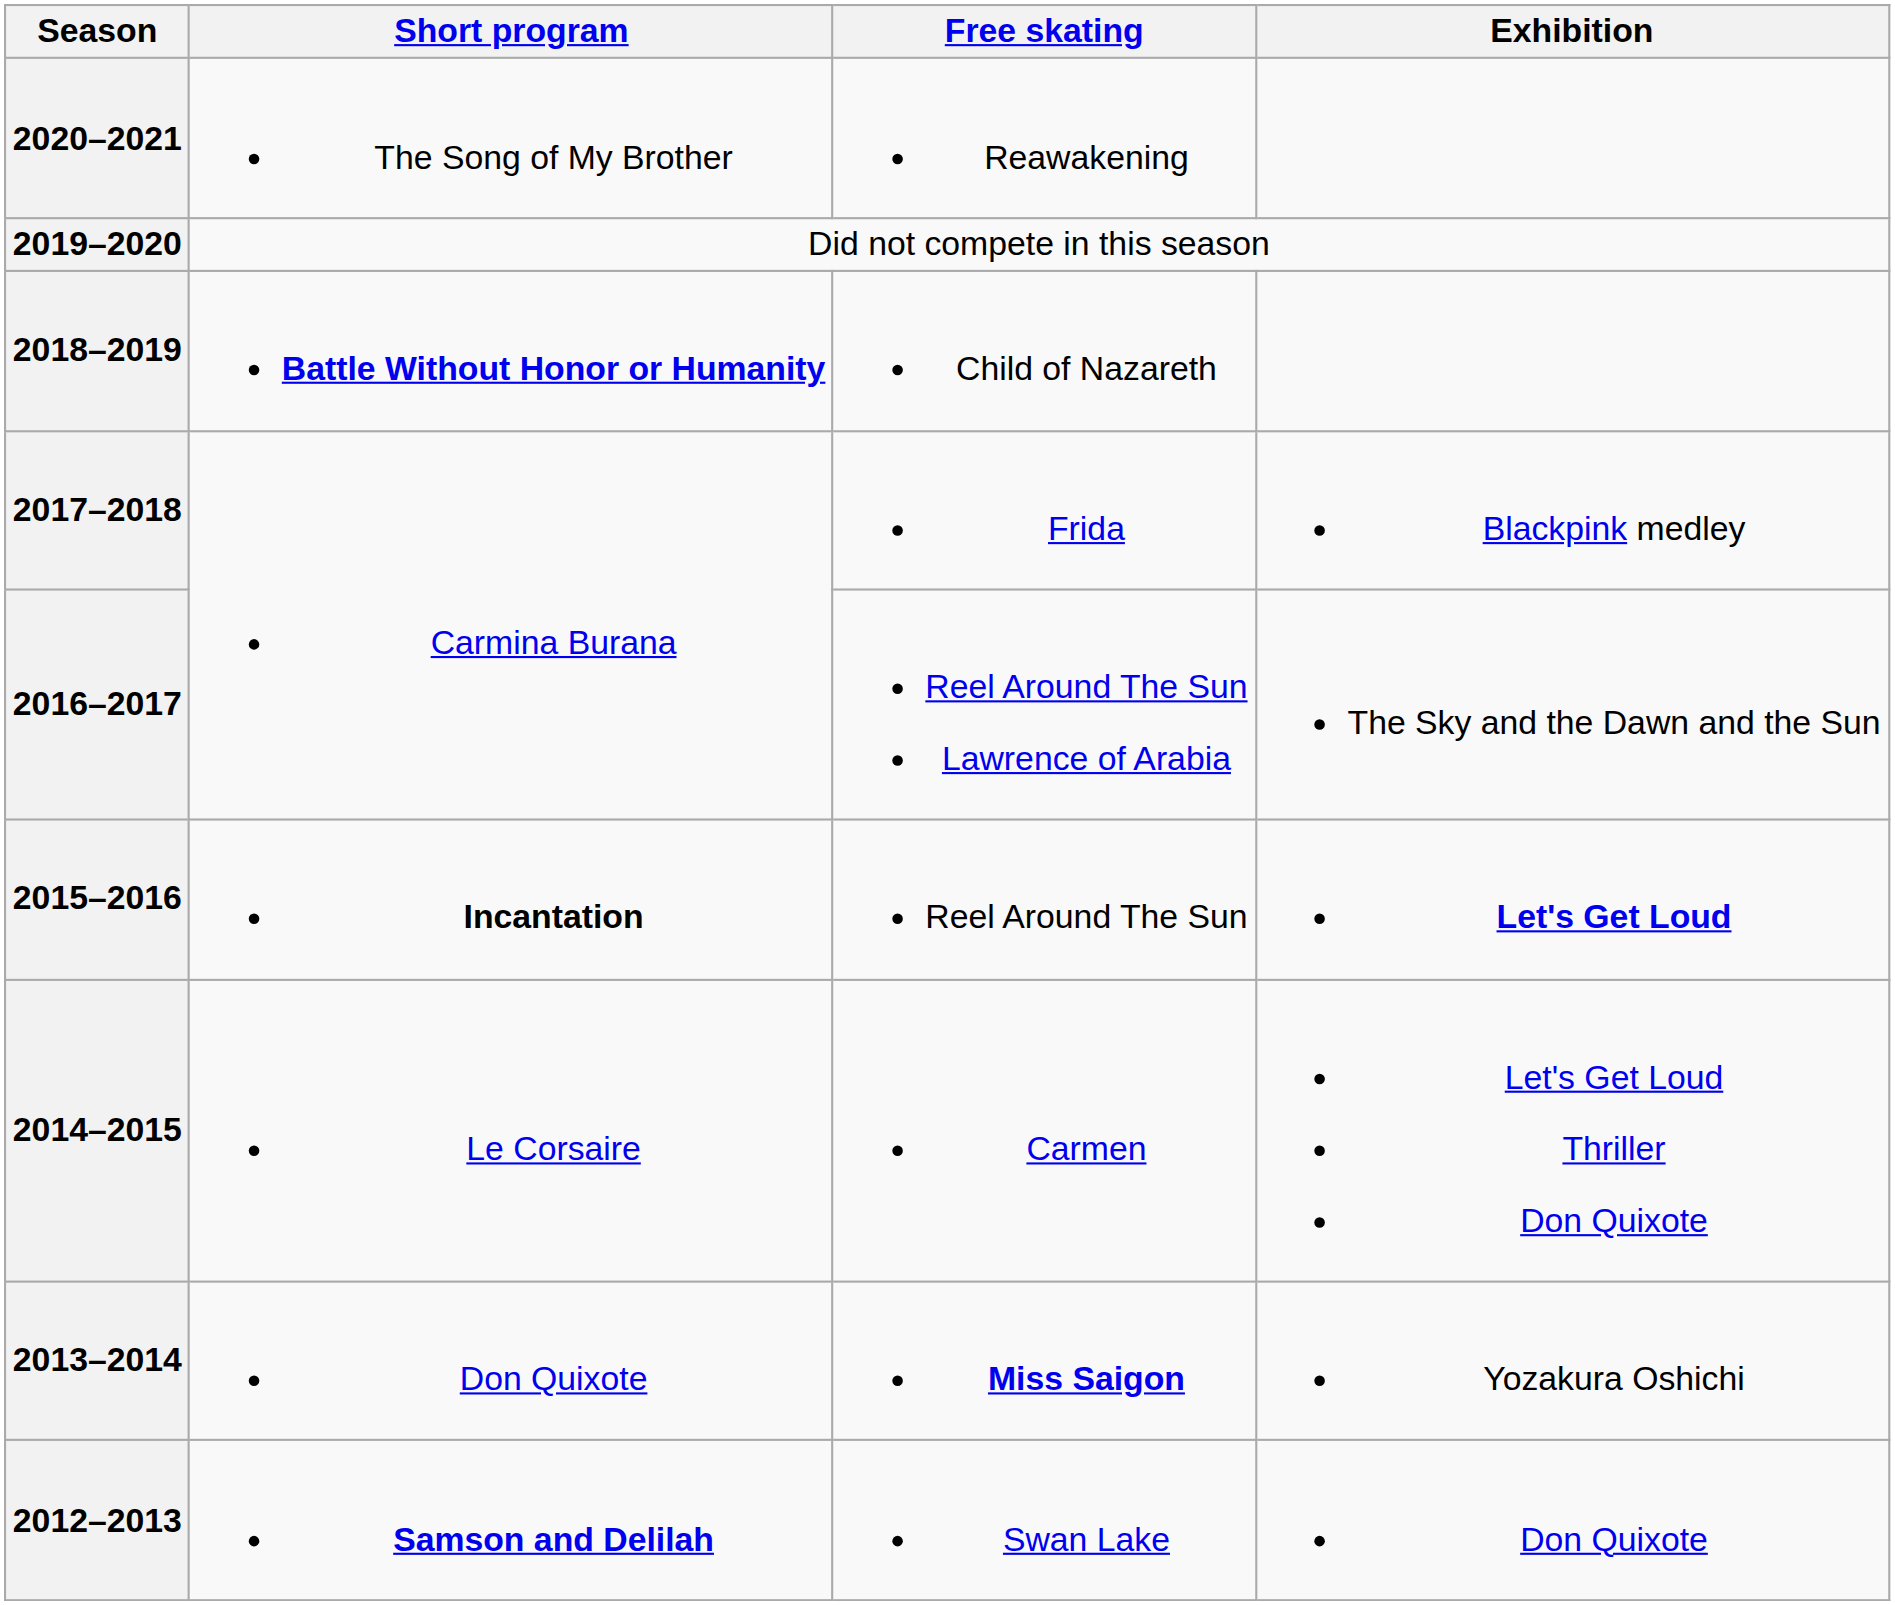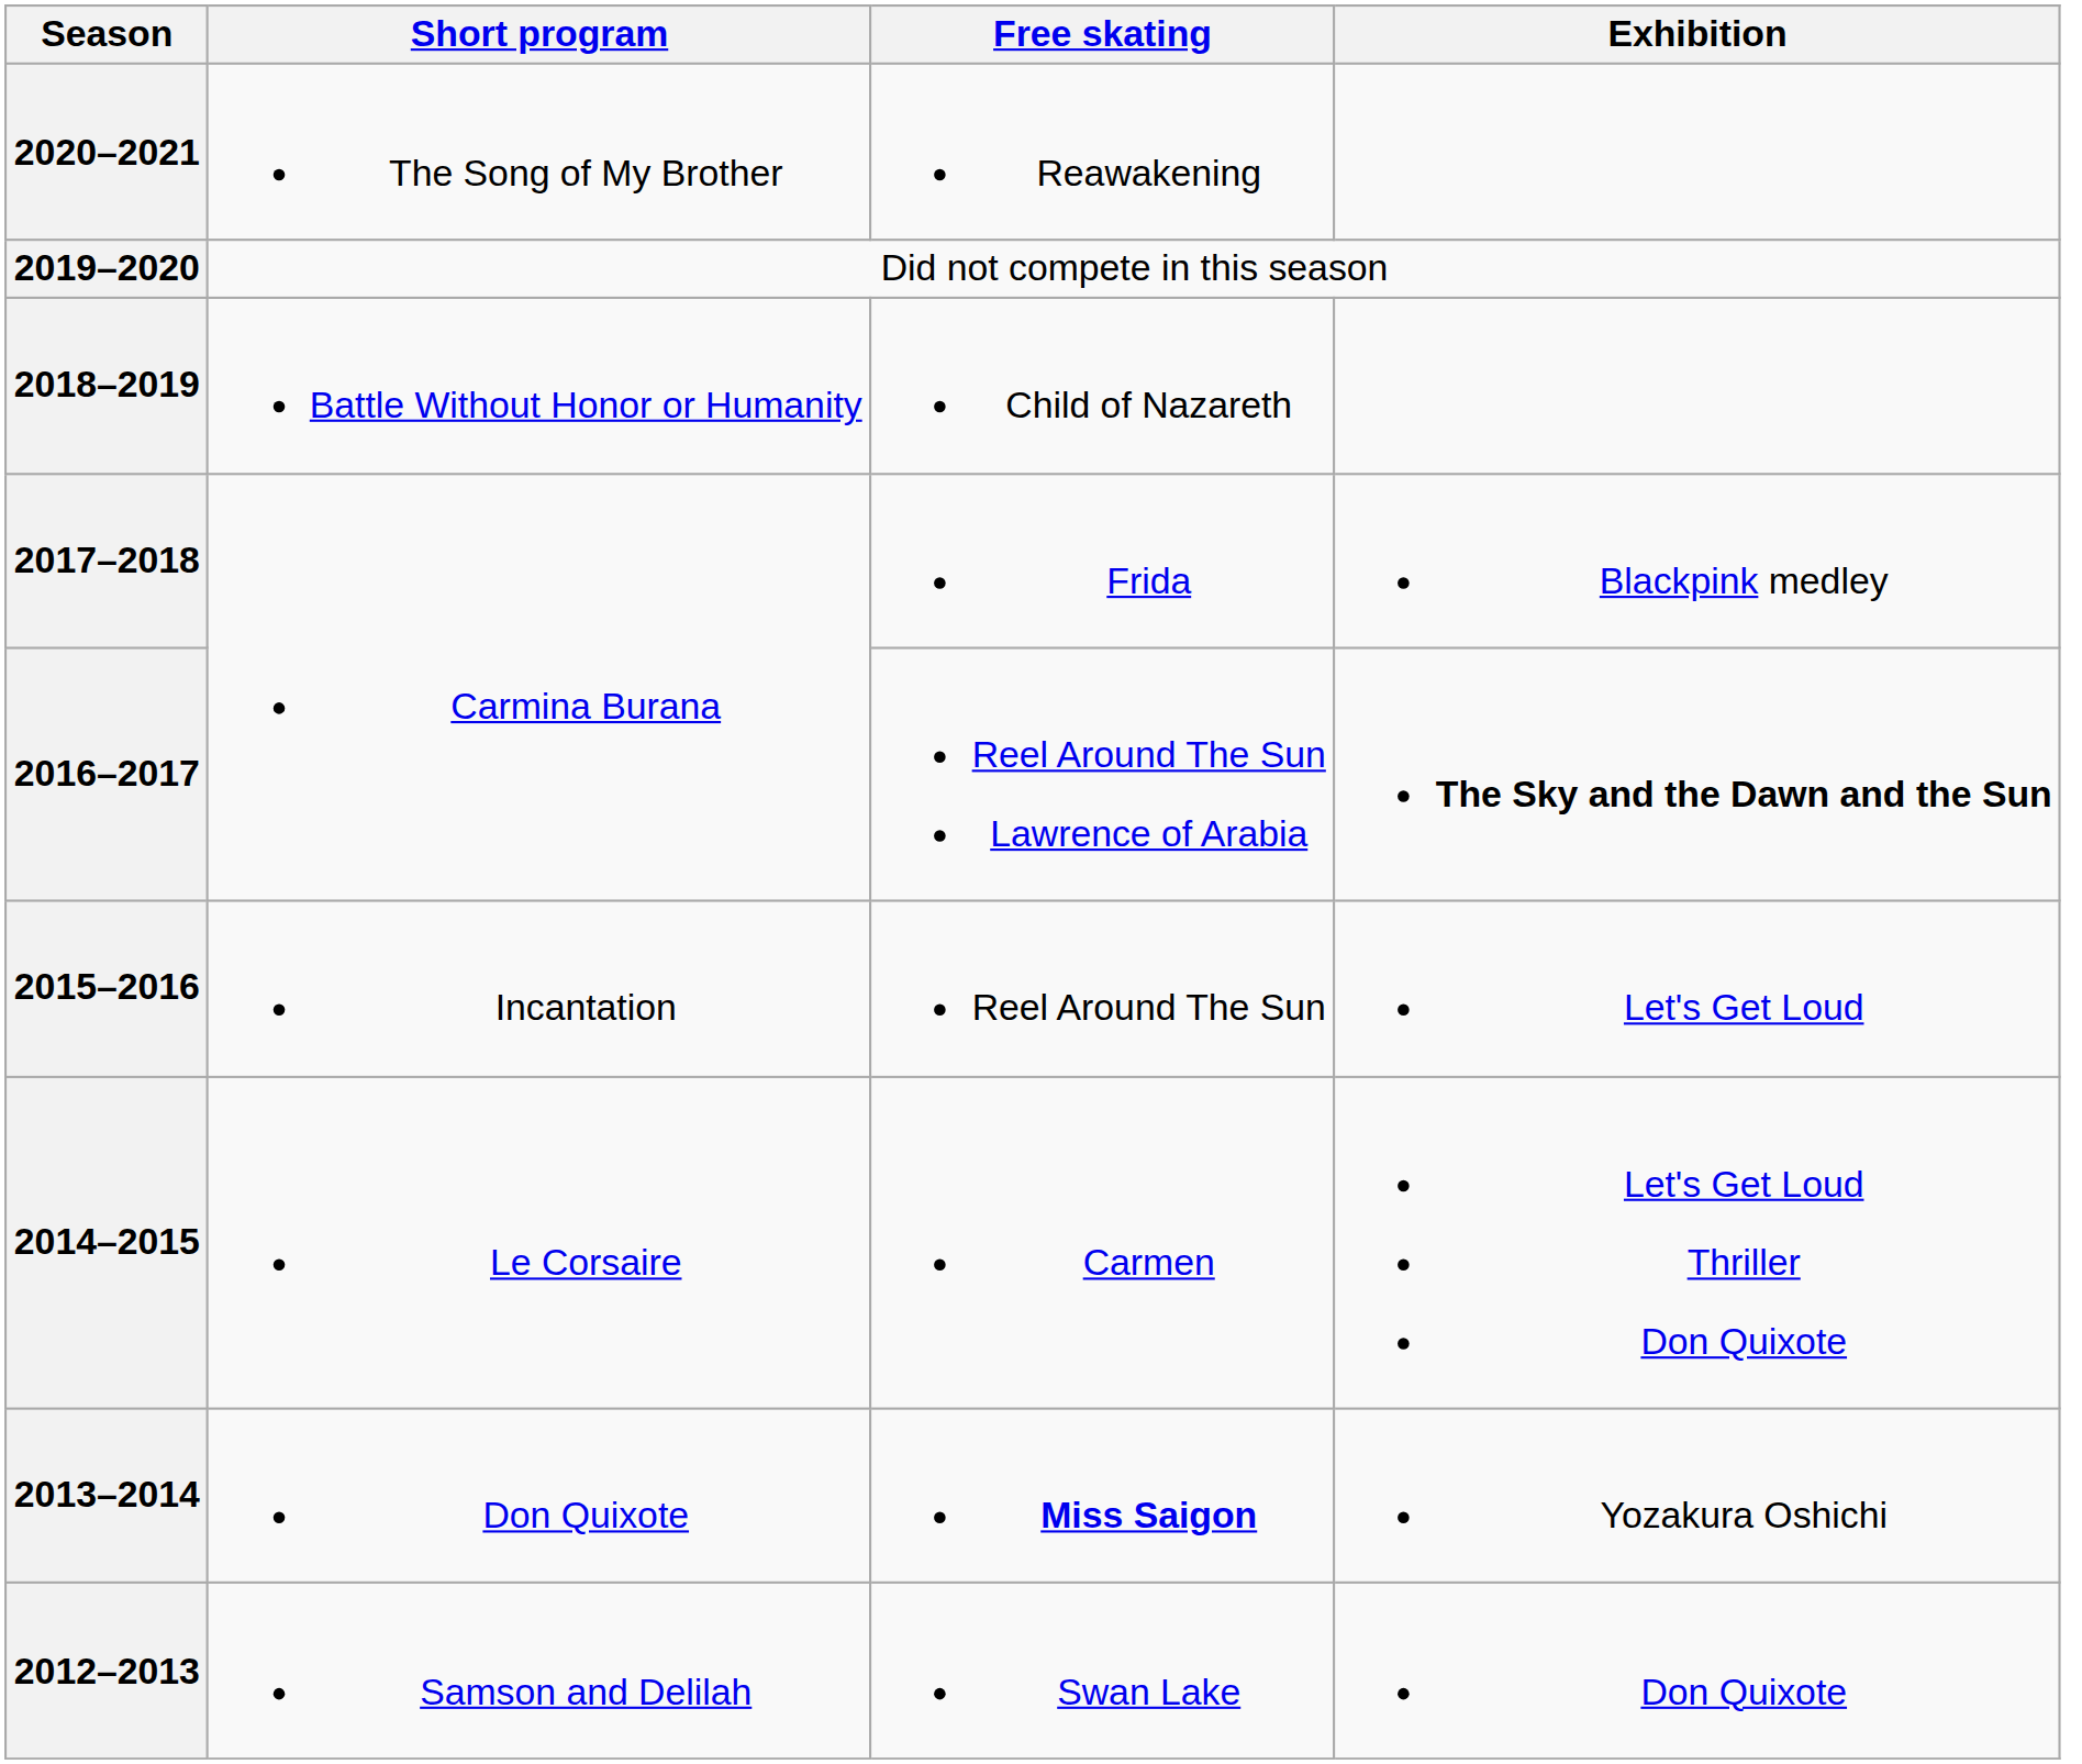 <table class=wikitable style=text-align:center>
 <tr>
 <th>Season</th>
 <th><a href='#'>Short program</a></th>
 <th><a href='#'>Free skating</a></th>
 <th>Exhibition</th>
 </tr>
 <tr>
 <th>2020–2021</th>
 <td><br><ul><li>The Song of My Brother <br></li></ul></td>
 <td><br><ul><li>Reawakening<br></li></ul></td>
 <td></td>
 </tr>
 <tr>
 <th>2019–2020</th>
 <td colspan="3">Did not compete in this season</td>
 </tr>
 <tr>
 <th>2018–2019<br></th>
-<td><strong><br><ul><li><a href='#'>Battle Without Honor or Humanity</a> <br></li></ul></strong></td>
+<td><br><ul><li><a href='#'>Battle Without Honor or Humanity</a> <br></li></ul></td>
 <td><br><ul><li>Child of Nazareth <br></li></ul></td>
 <td></td>
 </tr>
 <tr>
 <th>2017–2018 <br> </th>
 <td rowspan=2><br><ul><li><a href='#'>Carmina Burana</a> <br></li></ul></td>
 <td><br><ul><li><a href='#'>Frida</a> <br></li></ul></td>
 <td><br><ul><li><a href='#'>Blackpink</a> medley <br></li></ul></td>
 </tr>
 <tr>
 <th>2016–2017 <br> </th>
 <td><br><ul><li><a href='#'>Reel Around The Sun</a> <br></li></ul><ul><li><a href='#'>Lawrence of Arabia</a> <br></li></ul></td>
-<td><br><ul><li>The Sky and the Dawn and the Sun <br></li></ul></td>
+<td><strong><br><ul><li>The Sky and the Dawn and the Sun <br></li></ul></strong></td>
 </tr>
 <tr>
 <th>2015–2016 <br> </th>
-<td><strong><br><ul><li>Incantation <br></li></ul></strong></td>
+<td><br><ul><li>Incantation <br></li></ul></td>
 <td><br><ul><li>Reel Around The Sun <br></li></ul></td>
-<td><strong><br><ul><li><a href='#'>Let's Get Loud</a> <br></li></ul></strong></td>
+<td><br><ul><li><a href='#'>Let's Get Loud</a> <br></li></ul></td>
 </tr>
 <tr>
 <th>2014–2015 <br> </th>
 <td><br><ul><li><a href='#'>Le Corsaire</a><br></li></ul></td>
 <td><br><ul><li><a href='#'>Carmen</a> <br></li></ul></td>
 <td><br><ul><li><a href='#'>Let's Get Loud</a> <br></li></ul><ul><li><a href='#'>Thriller</a> <br></li></ul><ul><li><a href='#'>Don Quixote</a> <br></li></ul></td>
 </tr>
 <tr>
 <th>2013–2014 <br> </th>
 <td><br><ul><li><a href='#'>Don Quixote</a> <br></li></ul></td>
 <td><strong><br><ul><li><a href='#'>Miss Saigon</a> <br></li></ul></strong></td>
 <td><br><ul><li>Yozakura Oshichi <br></li></ul></td>
 </tr>
 <tr>
 <th>2012–2013 <br> </th>
-<td><strong><br><ul><li><a href='#'>Samson and Delilah</a> <br></li></ul></strong></td>
+<td><br><ul><li><a href='#'>Samson and Delilah</a> <br></li></ul></td>
 <td><br><ul><li><a href='#'>Swan Lake</a> <br></li></ul></td>
 <td><br><ul><li><a href='#'>Don Quixote</a> <br></li></ul></td>
 </tr>
 </table>
